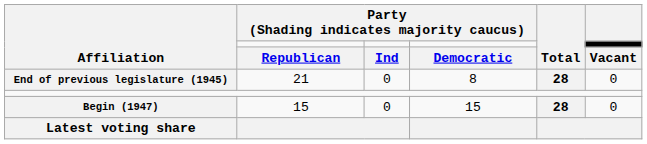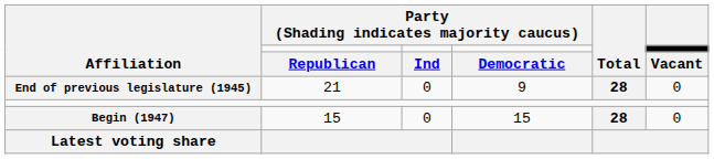 <table class=wikitable style="text-align:center; width:50%">
 <tr style="vertical-align:bottom;">
 <th rowspan=3>Affiliation</th>
 <th colspan=3>Party <div>(Shading indicates majority caucus)</div></th>
 <th rowspan=3>Total</th>
 <th></th>
 </tr>
 <tr style="height:5px">
 <td style="background-color:"></td>
 <td style="background-color:"></td>
 <td style="background-color:"></td>
 <td style="background-color:black"></td>
 </tr>
 <tr>
 <th><a href='#'>Republican</a></th>
 <th><a href='#'>Ind</a></th>
 <th><a href='#'>Democratic</a></th>
 <th>Vacant</th>
 </tr>
 <tr>
 <th nowrap style="font-size:80%">End of previous legislature (1945)</th>
 <td>21</td>
 <td>0</td>
-<td>8</td>
+<td>9</td>
 <th>28</th>
 <td>0</td>
 </tr>
 <tr>
 <td colspan=6></td>
 </tr>
 <tr>
 <th nowrap style="font-size:80%">Begin (1947)</th>
 <td>15</td>
 <td>0</td>
 <td>15</td>
 <th>28</th>
 <td>0</td>
 </tr>
 <tr>
 <th>Latest voting share</th>
 <th colspan=2 ></th>
 <th></th>
 <th colspan=2></th>
 </tr>
 </table>
